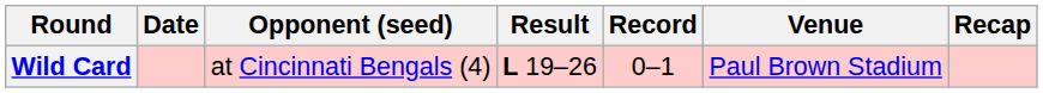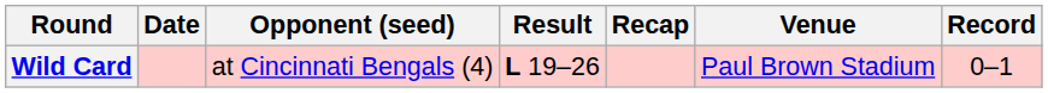 <table class="wikitable" style="text-align:center">
 <tr>
 <th>Round</th>
 <th>Date</th>
 <th>Opponent (seed)</th>
 <th>Result</th>
+<th>Recap</th>
+<th>Venue</th>
 <th>Record</th>
-<th>Venue</th>
-<th>Recap</th>
 </tr>
 <tr style="background:#fcc">
 <th><a href='#'>Wild Card</a></th>
 <td></td>
 <td>at <a href='#'>Cincinnati Bengals</a> (4)</td>
 <td><strong>L</strong> 19–26</td>
+<td></td>
+<td><a href='#'>Paul Brown Stadium</a></td>
 <td>0–1</td>
-<td><a href='#'>Paul Brown Stadium</a></td>
-<td></td>
 </tr>
 </table>
